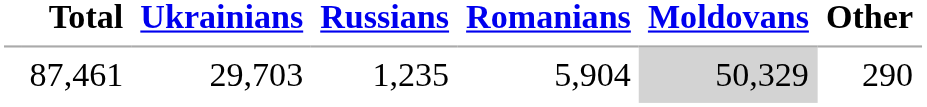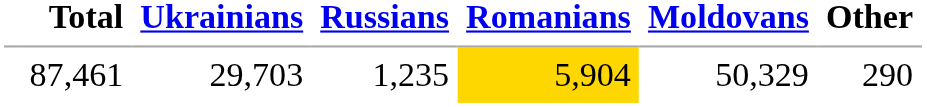 <table border=1 cellpadding=4 frame=void rules=none style="border-collapse:collapse; border:0 none transparent; text-align:right;">
 <tr style="border-bottom: 1px solid #aaa;">
 <th style="text-align:left;"></th>
 <th>Total</th>
 <th><a href='#'>Ukrainians</a></th>
 <th><a href='#'>Russians</a></th>
 <th><a href='#'>Romanians</a></th>
 <th><a href='#'>Moldovans</a></th>
 <th>Other</th>
 </tr>
 <tr>
 <th style="text-align:left; font-weight:normal;"></th>
 <td>87,461</td>
 <td>29,703</td>
 <td>1,235</td>
-<td>5,904</td>
-<td style="background: lightgrey;">50,329</td>
+<td style="background: gold;">5,904</td>
+<td>50,329</td>
 <td>290</td>
 </tr>
 <tr>
 </tr>
 </table>
